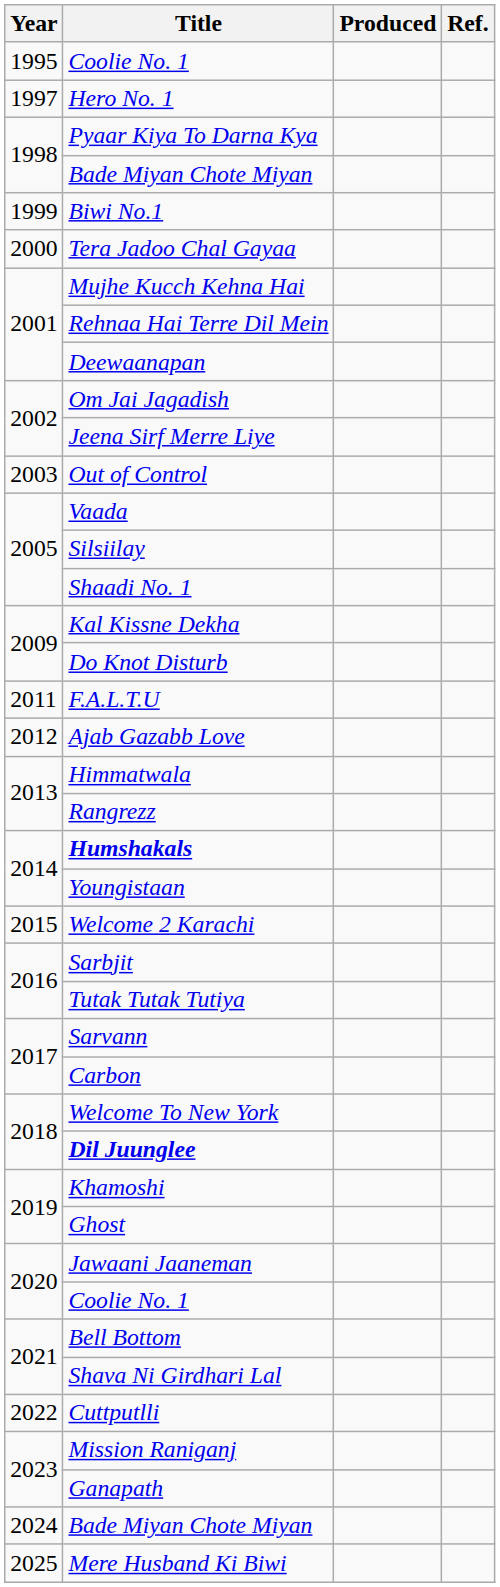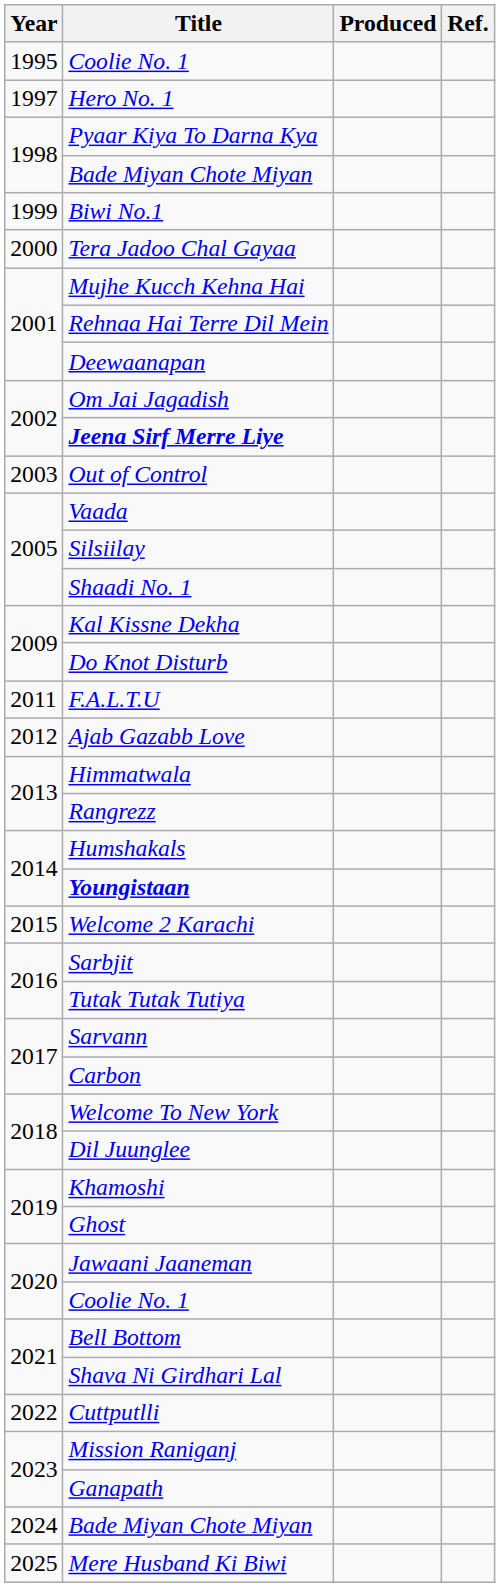 <table class="wikitable sortable">
 <tr>
 <th>Year</th>
 <th>Title</th>
 <th>Produced</th>
 <th class="unsortable">Ref.</th>
 </tr>
 <tr>
 <td>1995</td>
 <td><em><a href='#'>Coolie No. 1</a></em></td>
 <td></td>
 <td></td>
 </tr>
 <tr>
 <td>1997</td>
 <td><em><a href='#'>Hero No. 1</a></em></td>
 <td></td>
 <td></td>
 </tr>
 <tr>
 <td rowspan="2">1998</td>
 <td><em><a href='#'>Pyaar Kiya To Darna Kya</a></em></td>
 <td></td>
 <td></td>
 </tr>
 <tr>
 <td><em><a href='#'>Bade Miyan Chote Miyan</a></em></td>
 <td></td>
 <td></td>
 </tr>
 <tr>
 <td>1999</td>
 <td><em><a href='#'>Biwi No.1</a></em></td>
 <td></td>
 <td></td>
 </tr>
 <tr>
 <td>2000</td>
 <td><em><a href='#'>Tera Jadoo Chal Gayaa</a></em></td>
 <td></td>
 <td></td>
 </tr>
 <tr>
 <td rowspan="3">2001</td>
 <td><em><a href='#'>Mujhe Kucch Kehna Hai</a></em></td>
 <td></td>
 <td></td>
 </tr>
 <tr>
 <td><em><a href='#'>Rehnaa Hai Terre Dil Mein</a></em></td>
 <td></td>
 <td></td>
 </tr>
 <tr>
 <td><em><a href='#'>Deewaanapan</a></em></td>
 <td></td>
 <td></td>
 </tr>
 <tr>
 <td rowspan="2">2002</td>
 <td><em><a href='#'>Om Jai Jagadish</a></em></td>
 <td></td>
 <td></td>
 </tr>
 <tr>
-<td><em><a href='#'>Jeena Sirf Merre Liye</a> </em></td>
+<td><strong><em><a href='#'>Jeena Sirf Merre Liye</a> </em></strong></td>
 <td></td>
 <td></td>
 </tr>
 <tr>
 <td>2003</td>
 <td><em><a href='#'>Out of Control</a></em></td>
 <td></td>
 <td></td>
 </tr>
 <tr>
 <td rowspan="3">2005</td>
 <td><em><a href='#'>Vaada</a></em></td>
 <td></td>
 <td></td>
 </tr>
 <tr>
 <td><em><a href='#'>Silsiilay</a></em></td>
 <td></td>
 <td></td>
 </tr>
 <tr>
 <td><em><a href='#'>Shaadi No. 1</a></em></td>
 <td></td>
 <td></td>
 </tr>
 <tr>
 <td rowspan="2">2009</td>
 <td><em><a href='#'>Kal Kissne Dekha</a></em></td>
 <td></td>
 <td></td>
 </tr>
 <tr>
 <td><em><a href='#'>Do Knot Disturb</a></em></td>
 <td></td>
 <td></td>
 </tr>
 <tr>
 <td>2011</td>
 <td><em><a href='#'>F.A.L.T.U</a></em></td>
 <td></td>
 <td></td>
 </tr>
 <tr>
 <td>2012</td>
 <td><em><a href='#'>Ajab Gazabb Love</a></em></td>
 <td></td>
 <td></td>
 </tr>
 <tr>
 <td rowspan="2">2013</td>
 <td><em><a href='#'>Himmatwala</a></em></td>
 <td></td>
 <td></td>
 </tr>
 <tr>
 <td><em><a href='#'>Rangrezz</a></em></td>
 <td></td>
 <td></td>
 </tr>
 <tr>
 <td rowspan="2">2014</td>
-<td><strong><em><a href='#'>Humshakals</a></em></strong></td>
+<td><em><a href='#'>Humshakals</a></em></td>
 <td></td>
 <td></td>
 </tr>
 <tr>
-<td><em><a href='#'>Youngistaan</a></em></td>
+<td><strong><em><a href='#'>Youngistaan</a></em></strong></td>
 <td></td>
 <td></td>
 </tr>
 <tr>
 <td>2015</td>
 <td><em><a href='#'>Welcome 2 Karachi</a></em></td>
 <td></td>
 <td></td>
 </tr>
 <tr>
 <td rowspan="2">2016</td>
 <td><em><a href='#'>Sarbjit</a></em></td>
 <td></td>
 <td></td>
 </tr>
 <tr>
 <td><em><a href='#'>Tutak Tutak Tutiya</a></em></td>
 <td></td>
 <td></td>
 </tr>
 <tr>
 <td rowspan="2">2017</td>
 <td><em><a href='#'>Sarvann</a></em></td>
 <td></td>
 <td></td>
 </tr>
 <tr>
 <td><em><a href='#'>Carbon</a></em></td>
 <td></td>
 <td></td>
 </tr>
 <tr>
 <td rowspan="2">2018</td>
 <td><em><a href='#'>Welcome To New York</a></em></td>
 <td></td>
 <td></td>
 </tr>
 <tr>
-<td><strong><em><a href='#'>Dil Juunglee</a></em></strong></td>
+<td><em><a href='#'>Dil Juunglee</a></em></td>
 <td></td>
 <td></td>
 </tr>
 <tr>
 <td rowspan="2">2019</td>
 <td><em><a href='#'>Khamoshi</a></em></td>
 <td></td>
 <td></td>
 </tr>
 <tr>
 <td><em><a href='#'>Ghost</a></em></td>
 <td></td>
 <td></td>
 </tr>
 <tr>
 <td rowspan="2">2020</td>
 <td><em><a href='#'>Jawaani Jaaneman</a></em></td>
 <td></td>
 <td></td>
 </tr>
 <tr>
 <td><em><a href='#'>Coolie No. 1</a></em></td>
 <td></td>
 <td></td>
 </tr>
 <tr>
 <td rowspan="2">2021</td>
 <td><em><a href='#'>Bell Bottom</a></em></td>
 <td></td>
 <td></td>
 </tr>
 <tr>
 <td><em><a href='#'>Shava Ni Girdhari Lal</a></em></td>
 <td></td>
 <td></td>
 </tr>
 <tr>
 <td>2022</td>
 <td><em><a href='#'>Cuttputlli</a></em></td>
 <td></td>
 <td></td>
 </tr>
 <tr>
 <td rowspan="2">2023</td>
 <td><em><a href='#'>Mission Raniganj</a></em></td>
 <td></td>
 <td></td>
 </tr>
 <tr>
 <td><em><a href='#'>Ganapath</a></em></td>
 <td></td>
 <td></td>
 </tr>
 <tr>
 <td>2024</td>
 <td><em><a href='#'>Bade Miyan Chote Miyan</a></em></td>
 <td></td>
 <td></td>
 </tr>
 <tr>
 <td>2025</td>
 <td><em><a href='#'>Mere Husband Ki Biwi</a></em></td>
 <td></td>
 <td></td>
 </tr>
 <tr>
 </tr>
 </table>
